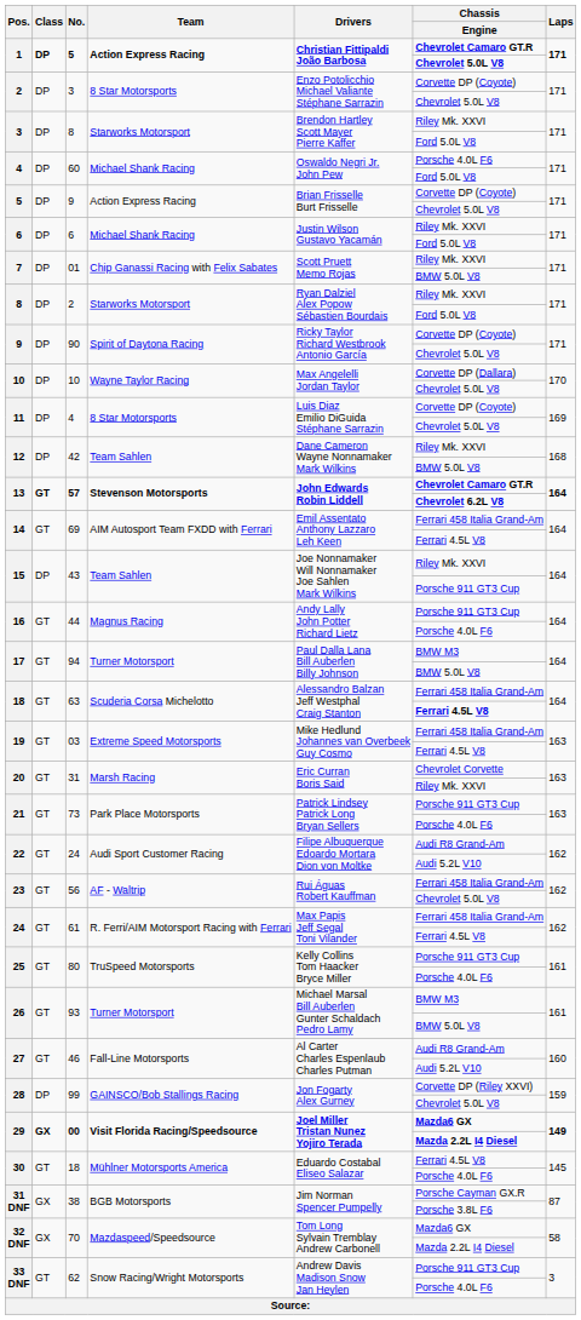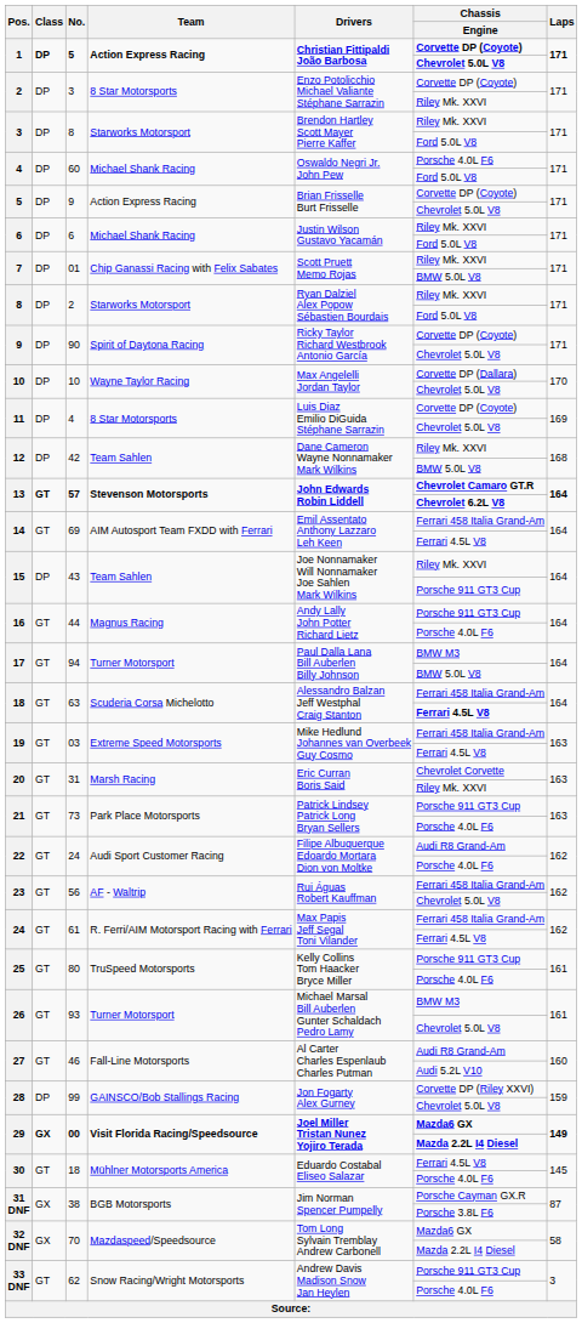 <table class="wikitable" style="font-size: 85%;">
 <tr>
 <th rowspan="2">Pos.</th>
 <th rowspan="2">Class</th>
 <th rowspan="2">No.</th>
 <th rowspan="2">Team</th>
 <th rowspan="2">Drivers</th>
 <th>Chassis</th>
 <th rowspan="2">Laps</th>
 </tr>
 <tr>
 <th>Engine</th>
 </tr>
 <tr>
 <th rowspan="2">1</th>
 <td rowspan="2"><strong>DP</strong></td>
 <td rowspan="2"><strong>5</strong></td>
 <td rowspan="2"><strong> Action Express Racing</strong></td>
 <td rowspan="2"><strong> <a href='#'>Christian Fittipaldi</a><br> <a href='#'>João Barbosa</a></strong></td>
-<td><strong><a href='#'>Chevrolet Camaro</a> GT.R</strong></td>
+<td><strong><a href='#'>Corvette</a> DP (<a href='#'>Coyote</a>)</strong></td>
 <td rowspan="2"><strong>171</strong></td>
 </tr>
 <tr>
 <td><strong><a href='#'>Chevrolet</a> 5.0L <a href='#'>V8</a></strong></td>
 </tr>
 <tr>
 <th rowspan="2">2</th>
 <td rowspan="2">DP</td>
 <td rowspan="2">3</td>
 <td rowspan="2"> <a href='#'>8 Star Motorsports</a></td>
 <td rowspan="2"> <a href='#'>Enzo Potolicchio</a><br> <a href='#'>Michael Valiante</a><br> <a href='#'>Stéphane Sarrazin</a></td>
 <td><a href='#'>Corvette</a> DP (<a href='#'>Coyote</a>)</td>
 <td rowspan="2">171</td>
 </tr>
 <tr>
-<td><a href='#'>Chevrolet</a> 5.0L <a href='#'>V8</a></td>
+<td><a href='#'>Riley</a> Mk. XXVI</td>
 </tr>
 <tr>
 <th rowspan="2">3</th>
 <td rowspan="2">DP</td>
 <td rowspan="2">8</td>
 <td rowspan="2"> <a href='#'>Starworks Motorsport</a></td>
 <td rowspan="2"> <a href='#'>Brendon Hartley</a><br> <a href='#'>Scott Mayer</a><br> <a href='#'>Pierre Kaffer</a></td>
 <td><a href='#'>Riley</a> Mk. XXVI</td>
 <td rowspan="2">171</td>
 </tr>
 <tr>
 <td><a href='#'>Ford</a> 5.0L <a href='#'>V8</a></td>
 </tr>
 <tr>
 <th rowspan="2">4</th>
 <td rowspan="2">DP</td>
 <td rowspan="2">60</td>
 <td rowspan="2"> <a href='#'>Michael Shank Racing</a></td>
 <td rowspan="2"> <a href='#'>Oswaldo Negri Jr.</a><br> <a href='#'>John Pew</a></td>
 <td><a href='#'>Porsche</a> 4.0L <a href='#'>F6</a></td>
 <td rowspan="2">171</td>
 </tr>
 <tr>
 <td><a href='#'>Ford</a> 5.0L <a href='#'>V8</a></td>
 </tr>
 <tr>
 <th rowspan="2">5</th>
 <td rowspan="2">DP</td>
 <td rowspan="2">9</td>
 <td rowspan="2"> Action Express Racing</td>
 <td rowspan="2"> <a href='#'>Brian Frisselle</a><br> Burt Frisselle</td>
 <td><a href='#'>Corvette</a> DP (<a href='#'>Coyote</a>)</td>
 <td rowspan="2">171</td>
 </tr>
 <tr>
 <td><a href='#'>Chevrolet</a> 5.0L <a href='#'>V8</a></td>
 </tr>
 <tr>
 <th rowspan="2">6</th>
 <td rowspan="2">DP</td>
 <td rowspan="2">6</td>
 <td rowspan="2"> <a href='#'>Michael Shank Racing</a></td>
 <td rowspan="2"> <a href='#'>Justin Wilson</a><br> <a href='#'>Gustavo Yacamán</a></td>
 <td><a href='#'>Riley</a> Mk. XXVI</td>
 <td rowspan="2">171</td>
 </tr>
 <tr>
 <td><a href='#'>Ford</a> 5.0L <a href='#'>V8</a></td>
 </tr>
 <tr>
 <th rowspan="2">7</th>
 <td rowspan="2">DP</td>
 <td rowspan="2">01</td>
 <td rowspan="2"> <a href='#'>Chip Ganassi Racing</a> with <a href='#'>Felix Sabates</a></td>
 <td rowspan="2"> <a href='#'>Scott Pruett</a><br> <a href='#'>Memo Rojas</a></td>
 <td><a href='#'>Riley</a> Mk. XXVI</td>
 <td rowspan="2">171</td>
 </tr>
 <tr>
 <td><a href='#'>BMW</a> 5.0L <a href='#'>V8</a></td>
 </tr>
 <tr>
 <th rowspan="2">8</th>
 <td rowspan="2">DP</td>
 <td rowspan="2">2</td>
 <td rowspan="2"> <a href='#'>Starworks Motorsport</a></td>
 <td rowspan="2"> <a href='#'>Ryan Dalziel</a><br> <a href='#'>Alex Popow</a><br> <a href='#'>Sébastien Bourdais</a></td>
 <td><a href='#'>Riley</a> Mk. XXVI</td>
 <td rowspan="2">171</td>
 </tr>
 <tr>
 <td><a href='#'>Ford</a> 5.0L <a href='#'>V8</a></td>
 </tr>
 <tr>
 <th rowspan="2">9</th>
 <td rowspan="2">DP</td>
 <td rowspan="2">90</td>
 <td rowspan="2"> <a href='#'>Spirit of Daytona Racing</a></td>
 <td rowspan="2"> <a href='#'>Ricky Taylor</a><br> <a href='#'>Richard Westbrook</a><br> <a href='#'>Antonio García</a></td>
 <td><a href='#'>Corvette</a> DP (<a href='#'>Coyote</a>)</td>
 <td rowspan="2">171</td>
 </tr>
 <tr>
 <td><a href='#'>Chevrolet</a> 5.0L <a href='#'>V8</a></td>
 </tr>
 <tr>
 <th rowspan="2">10</th>
 <td rowspan="2">DP</td>
 <td rowspan="2">10</td>
 <td rowspan="2"> <a href='#'>Wayne Taylor Racing</a></td>
 <td rowspan="2"> <a href='#'>Max Angelelli</a><br> <a href='#'>Jordan Taylor</a></td>
 <td><a href='#'>Corvette</a> DP (<a href='#'>Dallara</a>)</td>
 <td rowspan="2">170</td>
 </tr>
 <tr>
 <td><a href='#'>Chevrolet</a> 5.0L <a href='#'>V8</a></td>
 </tr>
 <tr>
 <th rowspan="2">11</th>
 <td rowspan="2">DP</td>
 <td rowspan="2">4</td>
 <td rowspan="2"> <a href='#'>8 Star Motorsports</a></td>
 <td rowspan="2"> <a href='#'>Luis Diaz</a><br> Emilio DiGuida<br> <a href='#'>Stéphane Sarrazin</a></td>
 <td><a href='#'>Corvette</a> DP (<a href='#'>Coyote</a>)</td>
 <td rowspan="2">169</td>
 </tr>
 <tr>
 <td><a href='#'>Chevrolet</a> 5.0L <a href='#'>V8</a></td>
 </tr>
 <tr>
 <th rowspan="2">12</th>
 <td rowspan="2">DP</td>
 <td rowspan="2">42</td>
 <td rowspan="2"> <a href='#'>Team Sahlen</a></td>
 <td rowspan="2"> <a href='#'>Dane Cameron</a><br> Wayne Nonnamaker<br> <a href='#'>Mark Wilkins</a></td>
 <td><a href='#'>Riley</a> Mk. XXVI</td>
 <td rowspan="2">168</td>
 </tr>
 <tr>
 <td><a href='#'>BMW</a> 5.0L <a href='#'>V8</a></td>
 </tr>
 <tr>
 <th rowspan="2">13</th>
 <td rowspan="2"><strong>GT</strong></td>
 <td rowspan="2"><strong>57</strong></td>
 <td rowspan="2"><strong> Stevenson Motorsports</strong></td>
 <td rowspan="2"><strong> <a href='#'>John Edwards</a><br> <a href='#'>Robin Liddell</a></strong></td>
 <td><strong><a href='#'>Chevrolet Camaro</a> GT.R</strong></td>
 <td rowspan="2"><strong>164</strong></td>
 </tr>
 <tr>
 <td><strong><a href='#'>Chevrolet</a> 6.2L <a href='#'>V8</a></strong></td>
 </tr>
 <tr>
 <th rowspan="2">14</th>
 <td rowspan="2">GT</td>
 <td rowspan="2">69</td>
 <td rowspan="2"> AIM Autosport Team FXDD with <a href='#'>Ferrari</a></td>
 <td rowspan="2"> <a href='#'>Emil Assentato</a><br> <a href='#'>Anthony Lazzaro</a><br> <a href='#'>Leh Keen</a></td>
 <td><a href='#'>Ferrari 458 Italia Grand-Am</a></td>
 <td rowspan="2">164</td>
 </tr>
 <tr>
 <td><a href='#'>Ferrari</a> 4.5L <a href='#'>V8</a></td>
 </tr>
 <tr>
 <th rowspan="2">15</th>
 <td rowspan="2">DP</td>
 <td rowspan="2">43</td>
 <td rowspan="2"> <a href='#'>Team Sahlen</a></td>
 <td rowspan="2"> Joe Nonnamaker<br> Will Nonnamaker<br> Joe Sahlen<br> <a href='#'>Mark Wilkins</a></td>
 <td><a href='#'>Riley</a> Mk. XXVI</td>
 <td rowspan="2">164</td>
 </tr>
 <tr>
 <td><a href='#'>Porsche 911 GT3 Cup</a></td>
 </tr>
 <tr>
 <th rowspan="2">16</th>
 <td rowspan="2">GT</td>
 <td rowspan="2">44</td>
 <td rowspan="2"> <a href='#'>Magnus Racing</a></td>
 <td rowspan="2"> <a href='#'>Andy Lally</a><br> <a href='#'>John Potter</a><br> <a href='#'>Richard Lietz</a></td>
 <td><a href='#'>Porsche 911 GT3 Cup</a></td>
 <td rowspan="2">164</td>
 </tr>
 <tr>
 <td><a href='#'>Porsche</a> 4.0L <a href='#'>F6</a></td>
 </tr>
 <tr>
 <th rowspan="2">17</th>
 <td rowspan="2">GT</td>
 <td rowspan="2">94</td>
 <td rowspan="2"> <a href='#'>Turner Motorsport</a></td>
 <td rowspan="2"> <a href='#'>Paul Dalla Lana</a><br> <a href='#'>Bill Auberlen</a><br> <a href='#'>Billy Johnson</a></td>
 <td><a href='#'>BMW M3</a></td>
 <td rowspan="2">164</td>
 </tr>
 <tr>
 <td><a href='#'>BMW</a> 5.0L <a href='#'>V8</a></td>
 </tr>
 <tr>
 <th rowspan="2">18</th>
 <td rowspan="2">GT</td>
 <td rowspan="2">63</td>
 <td rowspan="2"> <a href='#'>Scuderia Corsa</a> Michelotto</td>
 <td rowspan="2"> <a href='#'>Alessandro Balzan</a><br> Jeff Westphal<br> <a href='#'>Craig Stanton</a></td>
 <td><a href='#'>Ferrari 458 Italia Grand-Am</a></td>
 <td rowspan="2">164</td>
 </tr>
 <tr>
 <td><strong><a href='#'>Ferrari</a> 4.5L <a href='#'>V8</a></strong></td>
 </tr>
 <tr>
 <th rowspan="2">19</th>
 <td rowspan="2">GT</td>
 <td rowspan="2">03</td>
 <td rowspan="2"> <a href='#'>Extreme Speed Motorsports</a></td>
 <td rowspan="2"> Mike Hedlund<br> <a href='#'>Johannes van Overbeek</a><br> <a href='#'>Guy Cosmo</a></td>
 <td><a href='#'>Ferrari 458 Italia Grand-Am</a></td>
 <td rowspan="2">163</td>
 </tr>
 <tr>
 <td><a href='#'>Ferrari</a> 4.5L <a href='#'>V8</a></td>
 </tr>
 <tr>
 <th rowspan="2">20</th>
 <td rowspan="2">GT</td>
 <td rowspan="2">31</td>
 <td rowspan="2"> <a href='#'>Marsh Racing</a></td>
 <td rowspan="2"> <a href='#'>Eric Curran</a><br> <a href='#'>Boris Said</a></td>
 <td><a href='#'>Chevrolet Corvette</a></td>
 <td rowspan="2">163</td>
 </tr>
 <tr>
 <td><a href='#'>Riley</a> Mk. XXVI</td>
 </tr>
 <tr>
 <th rowspan="2">21</th>
 <td rowspan="2">GT</td>
 <td rowspan="2">73</td>
 <td rowspan="2"> Park Place Motorsports</td>
 <td rowspan="2"> <a href='#'>Patrick Lindsey</a><br> <a href='#'>Patrick Long</a><br> <a href='#'>Bryan Sellers</a></td>
 <td><a href='#'>Porsche 911 GT3 Cup</a></td>
 <td rowspan="2">163</td>
 </tr>
 <tr>
 <td><a href='#'>Porsche</a> 4.0L <a href='#'>F6</a></td>
 </tr>
 <tr>
 <th rowspan="2">22</th>
 <td rowspan="2">GT</td>
 <td rowspan="2">24</td>
 <td rowspan="2"> Audi Sport Customer Racing</td>
 <td rowspan="2"> <a href='#'>Filipe Albuquerque</a><br> <a href='#'>Edoardo Mortara</a><br> <a href='#'>Dion von Moltke</a></td>
 <td><a href='#'>Audi R8 Grand-Am</a></td>
 <td rowspan="2">162</td>
 </tr>
 <tr>
-<td><a href='#'>Audi</a> 5.2L <a href='#'>V10</a></td>
+<td><a href='#'>Porsche</a> 4.0L <a href='#'>F6</a></td>
 </tr>
 <tr>
 <th rowspan="2">23</th>
 <td rowspan="2">GT</td>
 <td rowspan="2">56</td>
 <td rowspan="2"> <a href='#'>AF</a> - <a href='#'>Waltrip</a></td>
 <td rowspan="2"> <a href='#'>Rui Águas</a><br> <a href='#'>Robert Kauffman</a></td>
 <td><a href='#'>Ferrari 458 Italia Grand-Am</a></td>
 <td rowspan="2">162</td>
 </tr>
 <tr>
 <td><a href='#'>Chevrolet</a> 5.0L <a href='#'>V8</a></td>
 </tr>
 <tr>
 <th rowspan="2">24</th>
 <td rowspan="2">GT</td>
 <td rowspan="2">61</td>
 <td rowspan="2"> R. Ferri/AIM Motorsport Racing with <a href='#'>Ferrari</a></td>
 <td rowspan="2"> <a href='#'>Max Papis</a><br> <a href='#'>Jeff Segal</a><br> <a href='#'>Toni Vilander</a></td>
 <td><a href='#'>Ferrari 458 Italia Grand-Am</a></td>
 <td rowspan="2">162</td>
 </tr>
 <tr>
 <td><a href='#'>Ferrari</a> 4.5L <a href='#'>V8</a></td>
 </tr>
 <tr>
 <th rowspan="2">25</th>
 <td rowspan="2">GT</td>
 <td rowspan="2">80</td>
 <td rowspan="2"> TruSpeed Motorsports</td>
 <td rowspan="2"> Kelly Collins<br> Tom Haacker<br> Bryce Miller</td>
 <td><a href='#'>Porsche 911 GT3 Cup</a></td>
 <td rowspan="2">161</td>
 </tr>
 <tr>
 <td><a href='#'>Porsche</a> 4.0L <a href='#'>F6</a></td>
 </tr>
 <tr>
 <th rowspan="2">26</th>
 <td rowspan="2">GT</td>
 <td rowspan="2">93</td>
 <td rowspan="2"> <a href='#'>Turner Motorsport</a></td>
 <td rowspan="2"> Michael Marsal<br> <a href='#'>Bill Auberlen</a><br> Gunter Schaldach<br> <a href='#'>Pedro Lamy</a></td>
 <td><a href='#'>BMW M3</a></td>
 <td rowspan="2">161</td>
 </tr>
 <tr>
-<td><a href='#'>BMW</a> 5.0L <a href='#'>V8</a></td>
+<td><a href='#'>Chevrolet</a> 5.0L <a href='#'>V8</a></td>
 </tr>
 <tr>
 <th rowspan="2">27</th>
 <td rowspan="2">GT</td>
 <td rowspan="2">46</td>
 <td rowspan="2"> Fall-Line Motorsports</td>
 <td rowspan="2"> Al Carter<br> Charles Espenlaub<br> Charles Putman</td>
 <td><a href='#'>Audi R8 Grand-Am</a></td>
 <td rowspan="2">160</td>
 </tr>
 <tr>
 <td><a href='#'>Audi</a> 5.2L <a href='#'>V10</a></td>
 </tr>
 <tr>
 <th rowspan="2">28</th>
 <td rowspan="2">DP</td>
 <td rowspan="2">99</td>
 <td rowspan="2"> <a href='#'>GAINSCO/Bob Stallings Racing</a></td>
 <td rowspan="2"> <a href='#'>Jon Fogarty</a><br> <a href='#'>Alex Gurney</a></td>
 <td><a href='#'>Corvette</a> DP (<a href='#'>Riley</a> XXVI)</td>
 <td rowspan="2">159</td>
 </tr>
 <tr>
 <td><a href='#'>Chevrolet</a> 5.0L <a href='#'>V8</a></td>
 </tr>
 <tr>
 <th rowspan="2">29</th>
 <td rowspan="2"><strong>GX</strong></td>
 <td rowspan="2"><strong>00</strong></td>
 <td rowspan="2"><strong> Visit Florida Racing/Speedsource</strong></td>
 <td rowspan="2"><strong> <a href='#'>Joel Miller</a><br> <a href='#'>Tristan Nunez</a><br> <a href='#'>Yojiro Terada</a></strong></td>
 <td><strong><a href='#'>Mazda6</a> GX</strong></td>
 <td rowspan="2"><strong>149</strong></td>
 </tr>
 <tr>
 <td><strong><a href='#'>Mazda</a> 2.2L <a href='#'>I4</a> <a href='#'>Diesel</a></strong></td>
 </tr>
 <tr>
 <th rowspan="2">30</th>
 <td rowspan="2">GT</td>
 <td rowspan="2">18</td>
 <td rowspan="2"> <a href='#'>Mühlner Motorsports America</a></td>
 <td rowspan="2"> Eduardo Costabal<br> <a href='#'>Eliseo Salazar</a></td>
 <td><a href='#'>Ferrari</a> 4.5L <a href='#'>V8</a></td>
 <td rowspan="2">145</td>
 </tr>
 <tr>
 <td><a href='#'>Porsche</a> 4.0L <a href='#'>F6</a></td>
 </tr>
 <tr>
 <th rowspan="2">31<br>DNF</th>
 <td rowspan="2">GX</td>
 <td rowspan="2">38</td>
 <td rowspan="2"> BGB Motorsports</td>
 <td rowspan="2"> Jim Norman<br> <a href='#'>Spencer Pumpelly</a></td>
 <td><a href='#'>Porsche Cayman</a> GX.R</td>
 <td rowspan="2">87</td>
 </tr>
 <tr>
 <td><a href='#'>Porsche</a> 3.8L <a href='#'>F6</a></td>
 </tr>
 <tr>
 <th rowspan="2">32<br>DNF</th>
 <td rowspan="2">GX</td>
 <td rowspan="2">70</td>
 <td rowspan="2"> <a href='#'>Mazdaspeed</a>/Speedsource</td>
 <td rowspan="2"> <a href='#'>Tom Long</a><br> Sylvain Tremblay<br> Andrew Carbonell</td>
 <td><a href='#'>Mazda6</a> GX</td>
 <td rowspan="2">58</td>
 </tr>
 <tr>
 <td><a href='#'>Mazda</a> 2.2L <a href='#'>I4</a> <a href='#'>Diesel</a></td>
 </tr>
 <tr>
 <th rowspan="2">33<br>DNF</th>
 <td rowspan="2">GT</td>
 <td rowspan="2">62</td>
 <td rowspan="2"> Snow Racing/Wright Motorsports</td>
 <td rowspan="2"> Andrew Davis<br> <a href='#'>Madison Snow</a><br> <a href='#'>Jan Heylen</a></td>
 <td><a href='#'>Porsche 911 GT3 Cup</a></td>
 <td rowspan="2">3</td>
 </tr>
 <tr>
 <td><a href='#'>Porsche</a> 4.0L <a href='#'>F6</a></td>
 </tr>
 <tr>
 <th colspan="7">Source:</th>
 </tr>
 </table>
